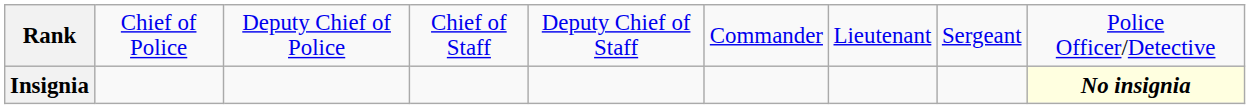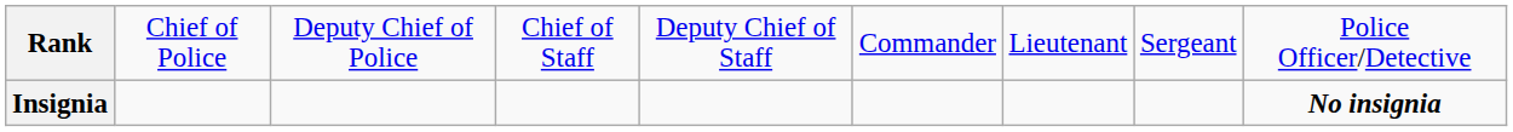 <table class="wikitable">
 <tr style="text-align:center;">
 <th>Rank</th>
 <td><a href='#'>Chief of Police</a></td>
 <td><a href='#'>Deputy Chief of Police</a></td>
 <td><a href='#'>Chief of Staff</a></td>
 <td><a href='#'>Deputy Chief of Staff</a></td>
 <td><a href='#'>Commander</a></td>
 <td><a href='#'>Lieutenant</a></td>
 <td><a href='#'>Sergeant</a></td>
 <td><a href='#'>Police Officer</a>/<a href='#'>Detective</a></td>
 </tr>
 <tr style="text-align:center;">
 <th>Insignia</th>
 <td></td>
 <td></td>
 <td></td>
 <td></td>
 <td></td>
 <td></td>
 <td></td>
-<td style="background: lightyellow;"><strong><em>No insignia</em></strong></td>
+<td><strong><em>No insignia</em></strong></td>
 </tr>
 </table>
